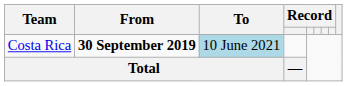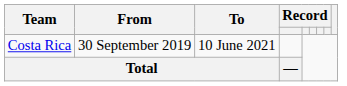 <table class=wikitable style="text-align: center">
 <tr>
 <th rowspan=2>Team</th>
 <th rowspan=2>From</th>
 <th rowspan=2>To</th>
 <th colspan=5>Record</th>
 <th rowspan=2></th>
 </tr>
 <tr>
 <th></th>
 <th></th>
 <th></th>
 <th></th>
 <th></th>
 </tr>
 <tr>
 <td align=left><a href='#'>Costa Rica</a></td>
-<td align=left><strong>30 September 2019</strong></td>
-<td align=left style="background: lightblue;">10 June 2021<br></td>
+<td align=left>30 September 2019</td>
+<td align=left>10 June 2021<br></td>
 <td></td>
 </tr>
 <tr>
 <th colspan=3>Total<br></th>
 <th>—</th>
 </tr>
 </table>
